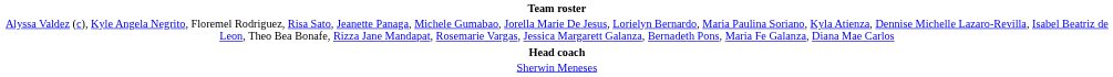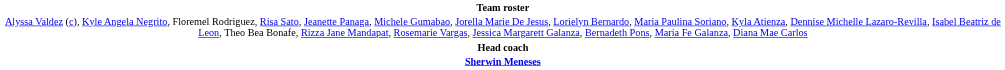 <table style="text-align:center; margin-top:2em; margin-left:auto; margin-right:auto">
 <tr>
 <td><strong>Team roster</strong></td>
 </tr>
 <tr>
 <td><a href='#'>Alyssa Valdez</a> (<a href='#'>c</a>), <a href='#'>Kyle Angela Negrito</a>, Floremel Rodriguez, <a href='#'>Risa Sato</a>, <a href='#'>Jeanette Panaga</a>, <a href='#'>Michele Gumabao</a>, <a href='#'>Jorella Marie De Jesus</a>, <a href='#'>Lorielyn Bernardo</a>, <a href='#'>Maria Paulina Soriano</a>, <a href='#'>Kyla Atienza</a>, <a href='#'>Dennise Michelle Lazaro-Revilla</a>, <a href='#'>Isabel Beatriz de Leon</a>, Theo Bea Bonafe, <a href='#'>Rizza Jane Mandapat</a>, <a href='#'>Rosemarie Vargas</a>, <a href='#'>Jessica Margarett Galanza</a>, <a href='#'>Bernadeth Pons</a>, <a href='#'>Maria Fe Galanza</a>, <a href='#'>Diana Mae Carlos</a></td>
 </tr>
 <tr>
 <td><strong>Head coach</strong></td>
 </tr>
 <tr>
-<td><a href='#'>Sherwin Meneses</a></td>
+<td><strong><a href='#'>Sherwin Meneses</a></strong></td>
 </tr>
 </table>
